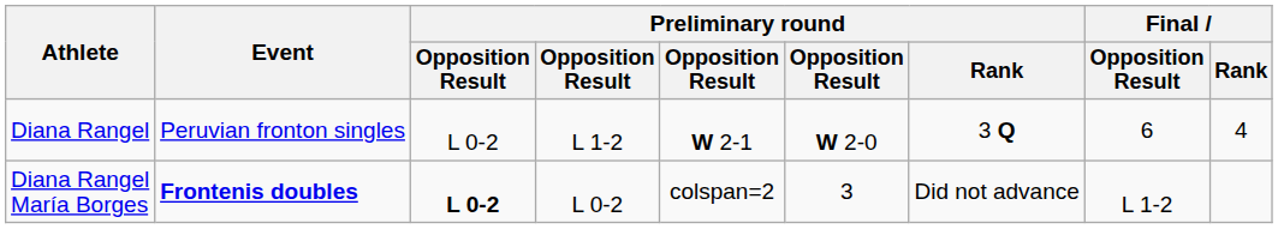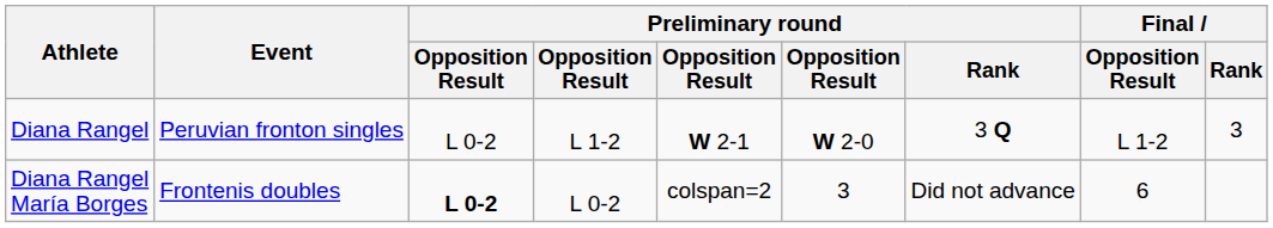 <table class=wikitable style=font-size:90%;text-align:center>
 <tr>
 <th rowspan=2>Athlete</th>
 <th rowspan=2>Event</th>
 <th colspan=5>Preliminary round</th>
 <th colspan=2>Final / </th>
 </tr>
 <tr style=font-size:95%>
 <th>Opposition<br>Result</th>
 <th>Opposition<br>Result</th>
 <th>Opposition<br>Result</th>
 <th>Opposition<br>Result</th>
 <th>Rank</th>
 <th>Opposition<br>Result</th>
 <th>Rank</th>
 </tr>
 <tr>
 <td align=left><a href='#'>Diana Rangel</a></td>
 <td align=left><a href='#'>Peruvian fronton singles</a></td>
 <td><br>L 0-2</td>
 <td><br>L 1-2</td>
 <td><br> <strong>W</strong> 2-1</td>
 <td><br><strong>W</strong> 2-0</td>
 <td>3 <strong>Q</strong></td>
-<td>6</td>
-<td>4</td>
+<td><br>L 1-2</td>
+<td>3</td>
 </tr>
 <tr>
 <td align=left><a href='#'>Diana Rangel</a><br><a href='#'>María Borges</a></td>
-<td align=left><strong><a href='#'>Frontenis doubles</a></strong></td>
+<td align=left><a href='#'>Frontenis doubles</a></td>
 <td><strong><br>L 0-2</strong></td>
 <td><br> L 0-2</td>
 <td>colspan=2 </td>
 <td>3</td>
 <td>Did not advance</td>
-<td><br>L 1-2</td>
+<td>6</td>
 </tr>
 </table>
